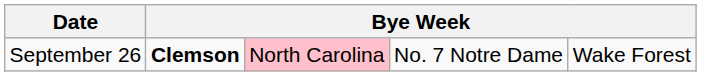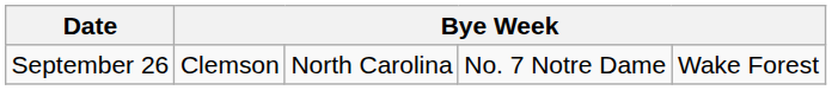 <table class="wikitable" style="font-size:95%;">
 <tr>
 <th>Date</th>
 <th colspan="6">Bye Week</th>
 </tr>
 <tr>
 <td>September 26</td>
-<td><strong>Clemson</strong></td>
-<td style="background: pink;">North Carolina</td>
+<td>Clemson</td>
+<td>North Carolina</td>
 <td>No. 7 Notre Dame</td>
 <td>Wake Forest</td>
 </tr>
 </table>
